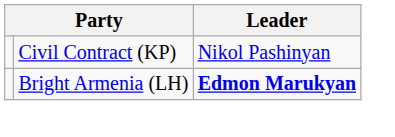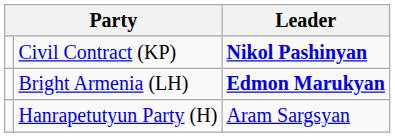 <table class=wikitable style=text-align:left>
 <tr>
 <th colspan=2>Party</th>
 <th>Leader</th>
 </tr>
 <tr>
 <td></td>
 <td><a href='#'>Civil Contract</a> (KP)</td>
-<td><a href='#'>Nikol Pashinyan</a></td>
+<td><strong><a href='#'>Nikol Pashinyan</a></strong></td>
 </tr>
 <tr>
 <td></td>
 <td><a href='#'>Bright Armenia</a> (LH)</td>
 <td><strong><a href='#'>Edmon Marukyan</a></strong></td>
 </tr>
+<tr>
+<td></td>
+<td><a href='#'>Hanrapetutyun Party</a> (H)</td>
+<td><a href='#'>Aram Sargsyan</a></td>
+</tr>
 </table>
